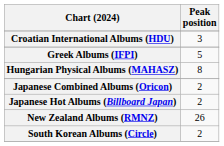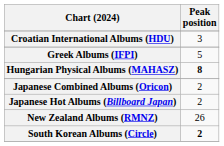 <table class="wikitable sortable plainrowheaders" style="text-align:center;">
 <tr>
 <th scope="col">Chart (2024)</th>
 <th scope="col">Peak<br>position</th>
 </tr>
 <tr>
 </tr>
 <tr>
 </tr>
 <tr>
 </tr>
 <tr>
 </tr>
 <tr>
 <th scope="row">Croatian International Albums (<a href='#'>HDU</a>)</th>
 <td>3</td>
 </tr>
 <tr>
 </tr>
 <tr>
 </tr>
 <tr>
 <th scope="row">Greek Albums (<a href='#'>IFPI</a>)</th>
 <td>5</td>
 </tr>
 <tr>
 <th scope="row">Hungarian Physical Albums (<a href='#'>MAHASZ</a>)</th>
-<td>8</td>
+<td><strong>8</strong></td>
 </tr>
 <tr>
 </tr>
 <tr>
 <th scope="row">Japanese Combined Albums (<a href='#'>Oricon</a>)</th>
 <td>2</td>
 </tr>
 <tr>
 <th scope="row">Japanese Hot Albums (<em><a href='#'>Billboard Japan</a></em>)</th>
 <td>2</td>
 </tr>
 <tr>
 <th scope="row">New Zealand Albums (<a href='#'>RMNZ</a>)</th>
 <td>26</td>
 </tr>
 <tr>
 <th scope="row">South Korean Albums (<a href='#'>Circle</a>)</th>
-<td>2</td>
+<td><strong>2</strong></td>
 </tr>
 <tr>
 </tr>
 <tr>
 </tr>
 </table>
